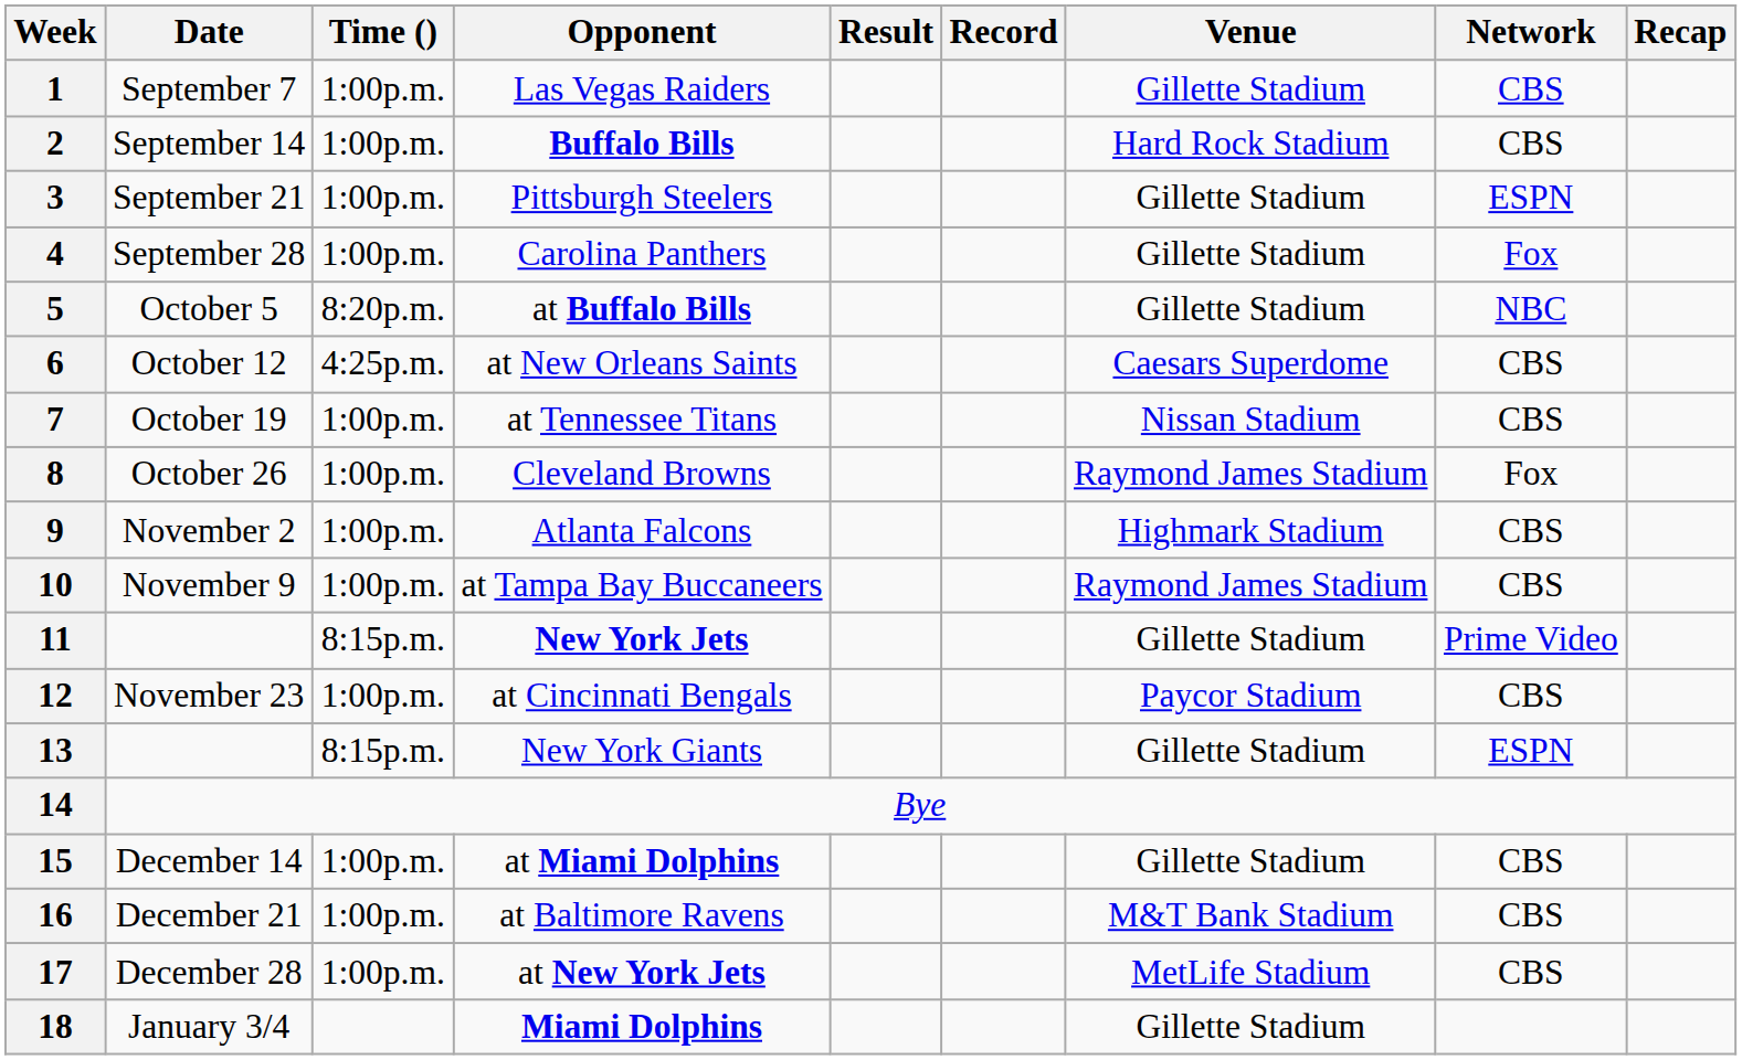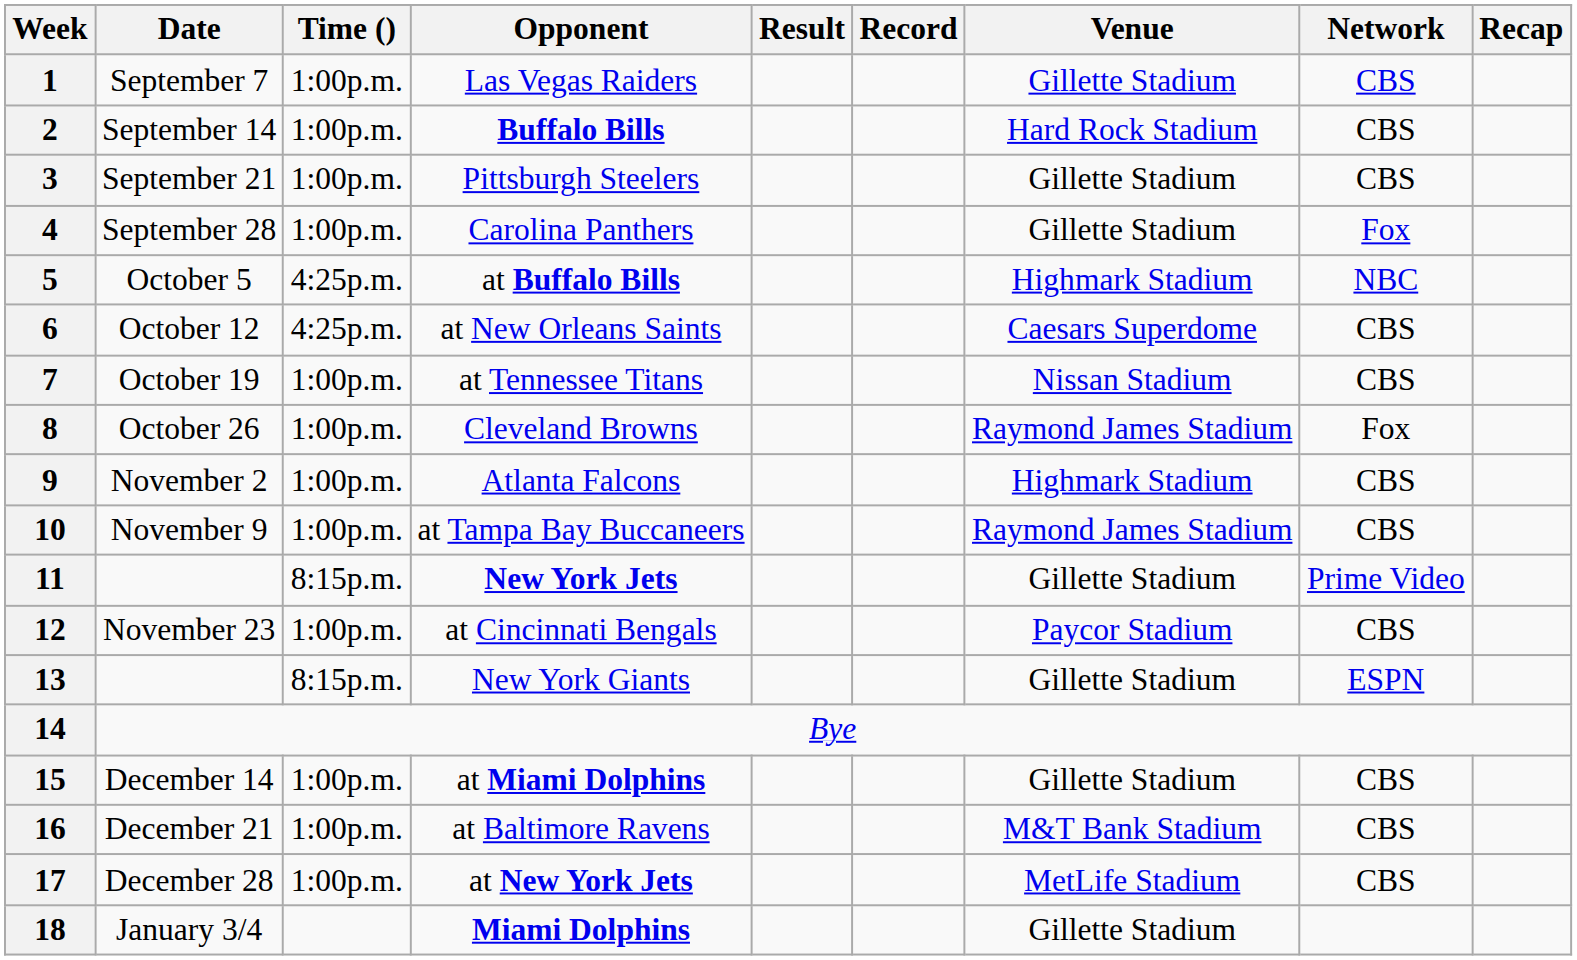 <table class="wikitable" style="text-align:center">
 <tr>
 <th>Week</th>
 <th>Date</th>
 <th>Time (<a href='#'></a>)</th>
 <th>Opponent</th>
 <th>Result</th>
 <th>Record</th>
 <th>Venue</th>
 <th>Network</th>
 <th>Recap</th>
 </tr>
 <tr>
 <th>1 </th>
 <td>September 7</td>
 <td>1:00p.m.</td>
 <td><a href='#'>Las Vegas Raiders</a></td>
 <td></td>
 <td></td>
 <td><a href='#'>Gillette Stadium</a></td>
 <td><a href='#'>CBS</a></td>
 <td></td>
 </tr>
 <tr>
 <th>2 </th>
 <td>September 14</td>
 <td>1:00p.m.</td>
 <td><strong><a href='#'>Buffalo Bills</a></strong></td>
 <td></td>
 <td></td>
 <td><a href='#'>Hard Rock Stadium</a></td>
 <td>CBS</td>
 <td></td>
 </tr>
 <tr>
 <th>3 </th>
 <td>September 21</td>
 <td>1:00p.m.</td>
 <td><a href='#'>Pittsburgh Steelers</a></td>
 <td></td>
 <td></td>
 <td>Gillette Stadium</td>
-<td><a href='#'>ESPN</a></td>
+<td>CBS</td>
 <td></td>
 </tr>
 <tr>
 <th>4 </th>
 <td>September 28</td>
 <td>1:00p.m.</td>
 <td><a href='#'>Carolina Panthers</a></td>
 <td></td>
 <td></td>
 <td>Gillette Stadium</td>
 <td><a href='#'>Fox</a></td>
 <td></td>
 </tr>
 <tr>
 <th>5 </th>
 <td>October 5</td>
-<td>8:20p.m.</td>
+<td>4:25p.m.</td>
 <td>at <strong><a href='#'>Buffalo Bills</a></strong></td>
 <td></td>
 <td></td>
-<td>Gillette Stadium</td>
+<td><a href='#'>Highmark Stadium</a></td>
 <td><a href='#'>NBC</a></td>
 <td></td>
 </tr>
 <tr>
 <th>6 </th>
 <td>October 12</td>
 <td>4:25p.m.</td>
 <td>at <a href='#'>New Orleans Saints</a></td>
 <td></td>
 <td></td>
 <td><a href='#'>Caesars Superdome</a></td>
 <td>CBS</td>
 <td></td>
 </tr>
 <tr>
 <th>7 </th>
 <td>October 19</td>
 <td>1:00p.m.</td>
 <td>at <a href='#'>Tennessee Titans</a></td>
 <td></td>
 <td></td>
 <td><a href='#'>Nissan Stadium</a></td>
 <td>CBS</td>
 <td></td>
 </tr>
 <tr>
 <th>8 </th>
 <td>October 26</td>
 <td>1:00p.m.</td>
 <td><a href='#'>Cleveland Browns</a></td>
 <td></td>
 <td></td>
 <td><a href='#'>Raymond James Stadium</a></td>
 <td>Fox</td>
 <td></td>
 </tr>
 <tr>
 <th>9 </th>
 <td>November 2</td>
 <td>1:00p.m.</td>
 <td><a href='#'>Atlanta Falcons</a></td>
 <td></td>
 <td></td>
 <td><a href='#'>Highmark Stadium</a></td>
 <td>CBS</td>
 <td></td>
 </tr>
 <tr>
 <th>10 </th>
 <td>November 9</td>
 <td>1:00p.m.</td>
 <td>at <a href='#'>Tampa Bay Buccaneers</a></td>
 <td></td>
 <td></td>
 <td><a href='#'>Raymond James Stadium</a></td>
 <td>CBS</td>
 <td></td>
 </tr>
 <tr>
 <th>11 </th>
 <td></td>
 <td>8:15p.m.</td>
 <td><strong><a href='#'>New York Jets</a></strong></td>
 <td></td>
 <td></td>
 <td>Gillette Stadium</td>
 <td><a href='#'>Prime Video</a></td>
 <td></td>
 </tr>
 <tr>
 <th>12 </th>
 <td>November 23</td>
 <td>1:00p.m.</td>
 <td>at <a href='#'>Cincinnati Bengals</a></td>
 <td></td>
 <td></td>
 <td><a href='#'>Paycor Stadium</a></td>
 <td>CBS</td>
 <td></td>
 </tr>
 <tr>
 <th>13 </th>
 <td></td>
 <td>8:15p.m.</td>
 <td><a href='#'>New York Giants</a></td>
 <td></td>
 <td></td>
 <td>Gillette Stadium</td>
 <td><a href='#'>ESPN</a></td>
 <td></td>
 </tr>
 <tr>
 <th>14</th>
 <td colspan=8><em><a href='#'>Bye</a></em></td>
 </tr>
 <tr>
 <th>15 </th>
 <td>December 14</td>
 <td>1:00p.m.</td>
 <td>at <strong><a href='#'>Miami Dolphins</a></strong></td>
 <td></td>
 <td></td>
 <td>Gillette Stadium</td>
 <td>CBS</td>
 <td></td>
 </tr>
 <tr>
 <th>16 </th>
 <td>December 21</td>
 <td>1:00p.m.</td>
 <td>at <a href='#'>Baltimore Ravens</a></td>
 <td></td>
 <td></td>
 <td><a href='#'>M&T Bank Stadium</a></td>
 <td>CBS</td>
 <td></td>
 </tr>
 <tr>
 <th>17 </th>
 <td>December 28</td>
 <td>1:00p.m.</td>
 <td>at <strong><a href='#'>New York Jets</a></strong></td>
 <td></td>
 <td></td>
 <td><a href='#'>MetLife Stadium</a></td>
 <td>CBS</td>
 <td></td>
 </tr>
 <tr>
 <th>18 </th>
 <td>January 3/4</td>
 <td></td>
 <td><strong><a href='#'>Miami Dolphins</a></strong></td>
 <td></td>
 <td></td>
 <td>Gillette Stadium</td>
 <td></td>
 <td></td>
 </tr>
 </table>
